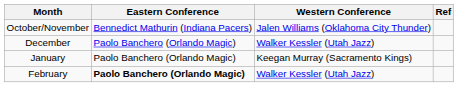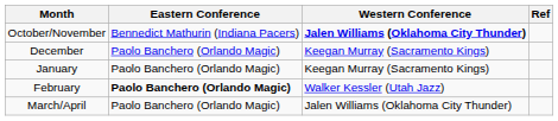 <table class="wikitable sortable" style="text-align:left;">
 <tr>
 <th>Month</th>
 <th>Eastern Conference</th>
 <th>Western Conference</th>
 <th class=unsortable>Ref</th>
 </tr>
 <tr>
 <td style="text-align:center;">October/November</td>
 <td><a href='#'>Bennedict Mathurin</a> (<a href='#'>Indiana Pacers</a>) </td>
-<td><a href='#'>Jalen Williams</a> (<a href='#'>Oklahoma City Thunder</a>) </td>
+<td><strong><a href='#'>Jalen Williams</a> (<a href='#'>Oklahoma City Thunder</a>) </strong></td>
 <td style="text-align:center;"></td>
 </tr>
 <tr>
 <td style="text-align:center;">December</td>
 <td><a href='#'>Paolo Banchero</a> (<a href='#'>Orlando Magic</a>) </td>
-<td><a href='#'>Walker Kessler</a> (<a href='#'>Utah Jazz</a>) </td>
+<td><a href='#'>Keegan Murray</a> (<a href='#'>Sacramento Kings</a>) </td>
 <td style="text-align:center;"></td>
 </tr>
 <tr>
 <td style="text-align:center;">January</td>
 <td>Paolo Banchero (Orlando Magic) </td>
 <td>Keegan Murray (Sacramento Kings) </td>
 <td style="text-align:center;"></td>
 </tr>
 <tr>
 <td style="text-align:center;">February</td>
 <td><strong>Paolo Banchero (Orlando Magic) </strong></td>
 <td><a href='#'>Walker Kessler</a> (<a href='#'>Utah Jazz</a>) </td>
 <td style="text-align:center;"></td>
 </tr>
+<tr>
+<td style="text-align:center;'">March/April</td>
+<td>Paolo Banchero (Orlando Magic) </td>
+<td>Jalen Williams (Oklahoma City Thunder) </td>
+<td style="text-align:center;"></td>
+</tr>
 </table>
